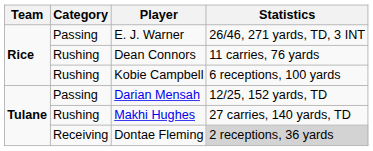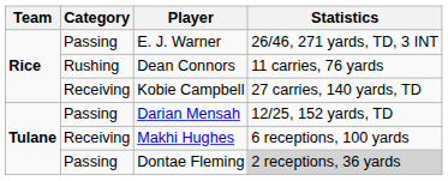 <table class="wikitable" style="float: right;">
 <tr>
 <th>Team</th>
 <th>Category</th>
 <th>Player</th>
 <th>Statistics</th>
 </tr>
 <tr>
 <td rowspan=3><strong>Rice</strong></td>
 <td>Passing</td>
 <td>E. J. Warner</td>
 <td>26/46, 271 yards, TD, 3 INT</td>
 </tr>
 <tr>
 <td>Rushing</td>
 <td>Dean Connors</td>
 <td>11 carries, 76 yards</td>
 </tr>
 <tr>
-<td>Rushing</td>
+<td>Receiving</td>
 <td>Kobie Campbell</td>
-<td>6 receptions, 100 yards</td>
+<td>27 carries, 140 yards, TD</td>
 </tr>
 <tr>
 <td rowspan=3><strong>Tulane</strong></td>
 <td>Passing</td>
 <td><a href='#'>Darian Mensah</a></td>
 <td>12/25, 152 yards, TD</td>
 </tr>
 <tr>
-<td>Rushing</td>
+<td>Receiving</td>
 <td><a href='#'>Makhi Hughes</a></td>
-<td>27 carries, 140 yards, TD</td>
+<td>6 receptions, 100 yards</td>
 </tr>
 <tr>
-<td>Receiving</td>
+<td>Passing</td>
 <td>Dontae Fleming</td>
 <td style="background: lightgrey;">2 receptions, 36 yards</td>
 </tr>
 </table>
